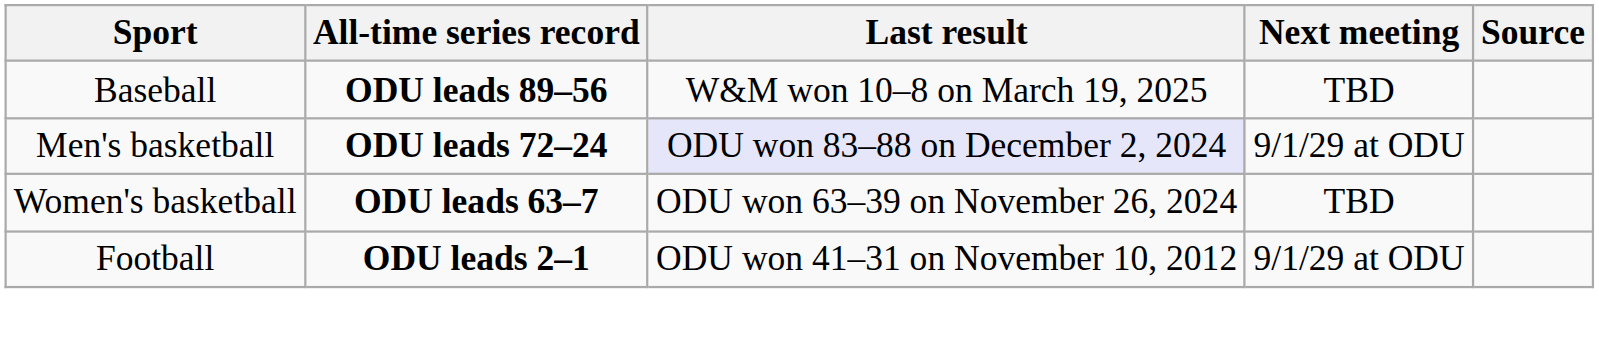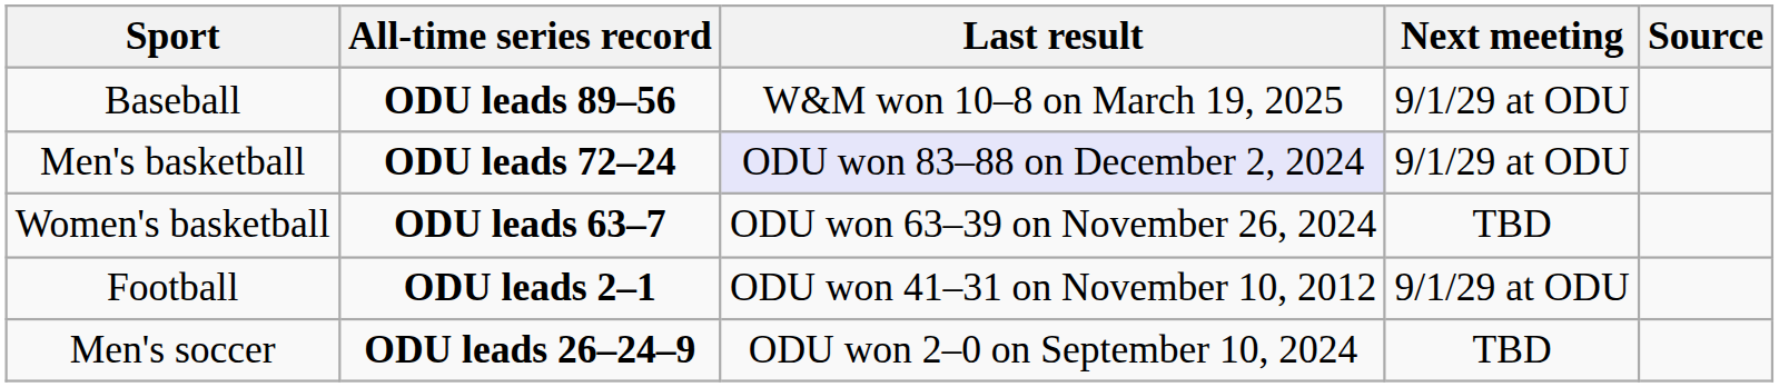 <table class="wikitable" style="margin-left: 1em; margin-bottom: 1em; text-align: center">
 <tr>
 <th>Sport</th>
 <th>All-time series record</th>
 <th>Last result</th>
 <th>Next meeting</th>
 <th>Source</th>
 </tr>
 <tr>
 <td>Baseball</td>
 <td><strong>ODU leads 89–56</strong></td>
 <td>W&M won 10–8 on March 19, 2025</td>
-<td>TBD</td>
+<td>9/1/29 at ODU</td>
 <td></td>
 </tr>
 <tr>
 <td>Men's basketball</td>
 <td><strong>ODU leads 72–24</strong></td>
 <td style="background: lavender;">ODU won 83–88 on December 2, 2024</td>
 <td>9/1/29 at ODU</td>
 <td></td>
 </tr>
 <tr>
 <td>Women's basketball</td>
 <td><strong>ODU leads 63–7</strong></td>
 <td>ODU won 63–39 on November 26, 2024</td>
 <td>TBD</td>
 <td></td>
 </tr>
 <tr>
 <td>Football</td>
 <td><strong>ODU leads 2–1</strong></td>
 <td>ODU won 41–31 on November 10, 2012</td>
 <td>9/1/29 at ODU</td>
 <td></td>
 </tr>
+<tr>
+<td>Men's soccer</td>
+<td><strong>ODU leads 26–24–9</strong></td>
+<td>ODU won 2–0 on September 10, 2024</td>
+<td>TBD</td>
+<td></td>
+</tr>
 </table>
